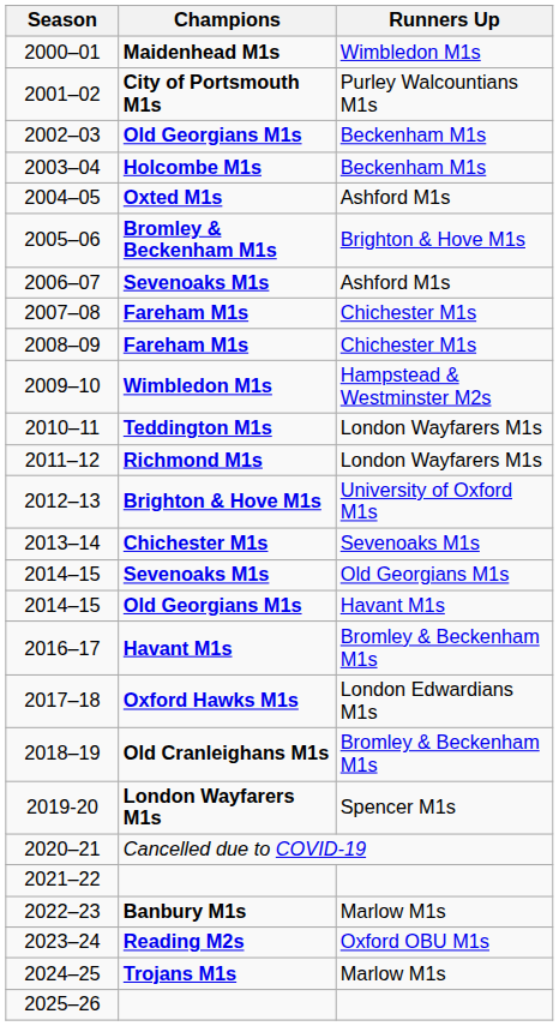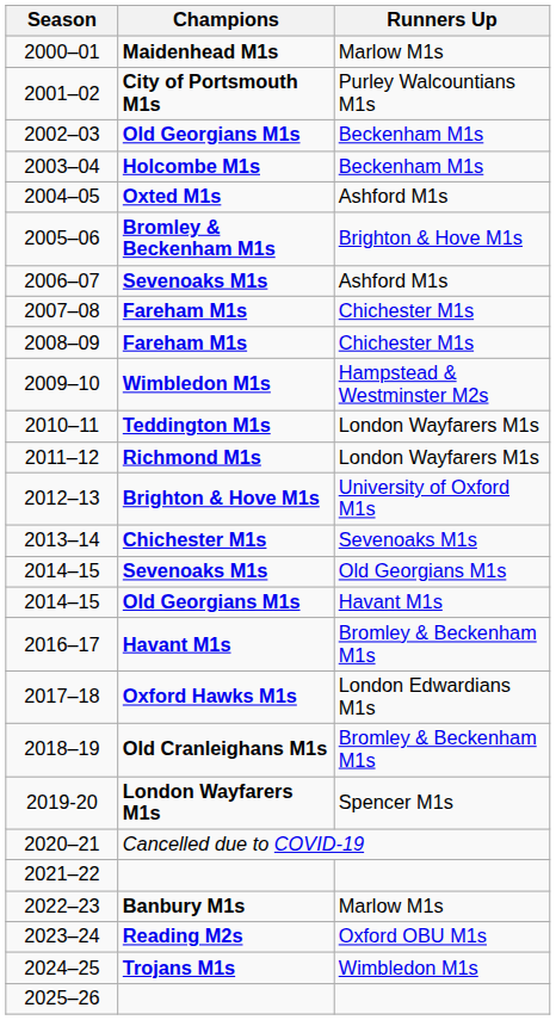 <table class="wikitable" style="text-align:centre; margin-left:1em;">
 <tr>
 <th style="width:85px">Season</th>
 <th style="width:170px">Champions</th>
 <th style="width:170px">Runners Up</th>
 </tr>
 <tr>
 <td style="text-align:center">2000–01</td>
 <td><strong>Maidenhead M1s</strong></td>
-<td><a href='#'>Wimbledon M1s</a></td>
+<td>Marlow M1s</td>
 </tr>
 <tr>
 <td style="text-align:center">2001–02</td>
 <td><strong>City of Portsmouth M1s</strong></td>
 <td>Purley Walcountians M1s</td>
 </tr>
 <tr>
 <td style="text-align:center">2002–03</td>
 <td><strong><a href='#'>Old Georgians M1s</a></strong></td>
 <td><a href='#'>Beckenham M1s</a></td>
 </tr>
 <tr>
 <td style="text-align:center">2003–04</td>
 <td><strong><a href='#'>Holcombe M1s</a></strong></td>
 <td><a href='#'>Beckenham M1s</a></td>
 </tr>
 <tr>
 <td style="text-align:center">2004–05</td>
 <td><strong><a href='#'>Oxted M1s</a></strong></td>
 <td>Ashford M1s</td>
 </tr>
 <tr>
 <td style="text-align:center">2005–06</td>
 <td><strong><a href='#'>Bromley & Beckenham M1s</a></strong></td>
 <td><a href='#'>Brighton & Hove M1s</a></td>
 </tr>
 <tr>
 <td style="text-align:center">2006–07</td>
 <td><strong><a href='#'>Sevenoaks M1s</a></strong></td>
 <td>Ashford M1s</td>
 </tr>
 <tr>
 <td style="text-align:center">2007–08</td>
 <td><strong><a href='#'>Fareham M1s</a></strong></td>
 <td><a href='#'>Chichester M1s</a></td>
 </tr>
 <tr>
 <td style="text-align:center">2008–09</td>
 <td><strong><a href='#'>Fareham M1s</a></strong></td>
 <td><a href='#'>Chichester M1s</a></td>
 </tr>
 <tr>
 <td style="text-align:center">2009–10</td>
 <td><strong><a href='#'>Wimbledon M1s</a></strong></td>
 <td><a href='#'>Hampstead & Westminster M2s</a></td>
 </tr>
 <tr>
 <td style="text-align:center">2010–11</td>
 <td><strong><a href='#'>Teddington M1s</a></strong></td>
 <td>London Wayfarers M1s</td>
 </tr>
 <tr>
 <td style="text-align:center">2011–12</td>
 <td><strong><a href='#'>Richmond M1s</a></strong></td>
 <td>London Wayfarers M1s</td>
 </tr>
 <tr>
 <td style="text-align:center">2012–13</td>
 <td><strong><a href='#'>Brighton & Hove M1s</a></strong></td>
 <td><a href='#'>University of Oxford M1s</a></td>
 </tr>
 <tr>
 <td style="text-align:center">2013–14</td>
 <td><strong><a href='#'>Chichester M1s</a></strong></td>
 <td><a href='#'>Sevenoaks M1s</a></td>
 </tr>
 <tr>
 <td style="text-align:center">2014–15</td>
 <td><strong><a href='#'>Sevenoaks M1s</a></strong></td>
 <td><a href='#'>Old Georgians M1s</a></td>
 </tr>
 <tr>
 <td style="text-align:center">2014–15</td>
 <td><strong><a href='#'>Old Georgians M1s</a></strong></td>
 <td><a href='#'>Havant M1s</a></td>
 </tr>
 <tr>
 <td style="text-align:center">2016–17</td>
 <td><strong><a href='#'>Havant M1s</a></strong></td>
 <td><a href='#'>Bromley & Beckenham M1s</a></td>
 </tr>
 <tr>
 <td style="text-align:center">2017–18</td>
 <td><strong><a href='#'>Oxford Hawks M1s</a></strong></td>
 <td>London Edwardians M1s</td>
 </tr>
 <tr>
 <td style="text-align:center">2018–19</td>
 <td><strong>Old Cranleighans M1s</strong></td>
 <td><a href='#'>Bromley & Beckenham M1s</a></td>
 </tr>
 <tr>
 <td style="text-align:center">2019-20</td>
 <td><strong>London Wayfarers M1s</strong></td>
 <td>Spencer M1s</td>
 </tr>
 <tr>
 <td style="text-align:center">2020–21</td>
 <td colspan=2><em>Cancelled due to <a href='#'>COVID-19</a></em></td>
 </tr>
 <tr>
 <td style="text-align:center">2021–22</td>
 <td></td>
 <td></td>
 </tr>
 <tr>
 <td style="text-align:center">2022–23</td>
 <td><strong>Banbury M1s</strong></td>
 <td>Marlow M1s</td>
 </tr>
 <tr>
 <td style="text-align:center">2023–24</td>
 <td><strong><a href='#'>Reading M2s</a></strong></td>
 <td><a href='#'>Oxford OBU M1s</a></td>
 </tr>
 <tr>
 <td style="text-align:center">2024–25</td>
 <td><strong><a href='#'>Trojans M1s</a></strong></td>
-<td>Marlow M1s</td>
+<td><a href='#'>Wimbledon M1s</a></td>
 </tr>
 <tr>
 <td style="text-align:center">2025–26</td>
 <td></td>
 <td></td>
 </tr>
 </table>
